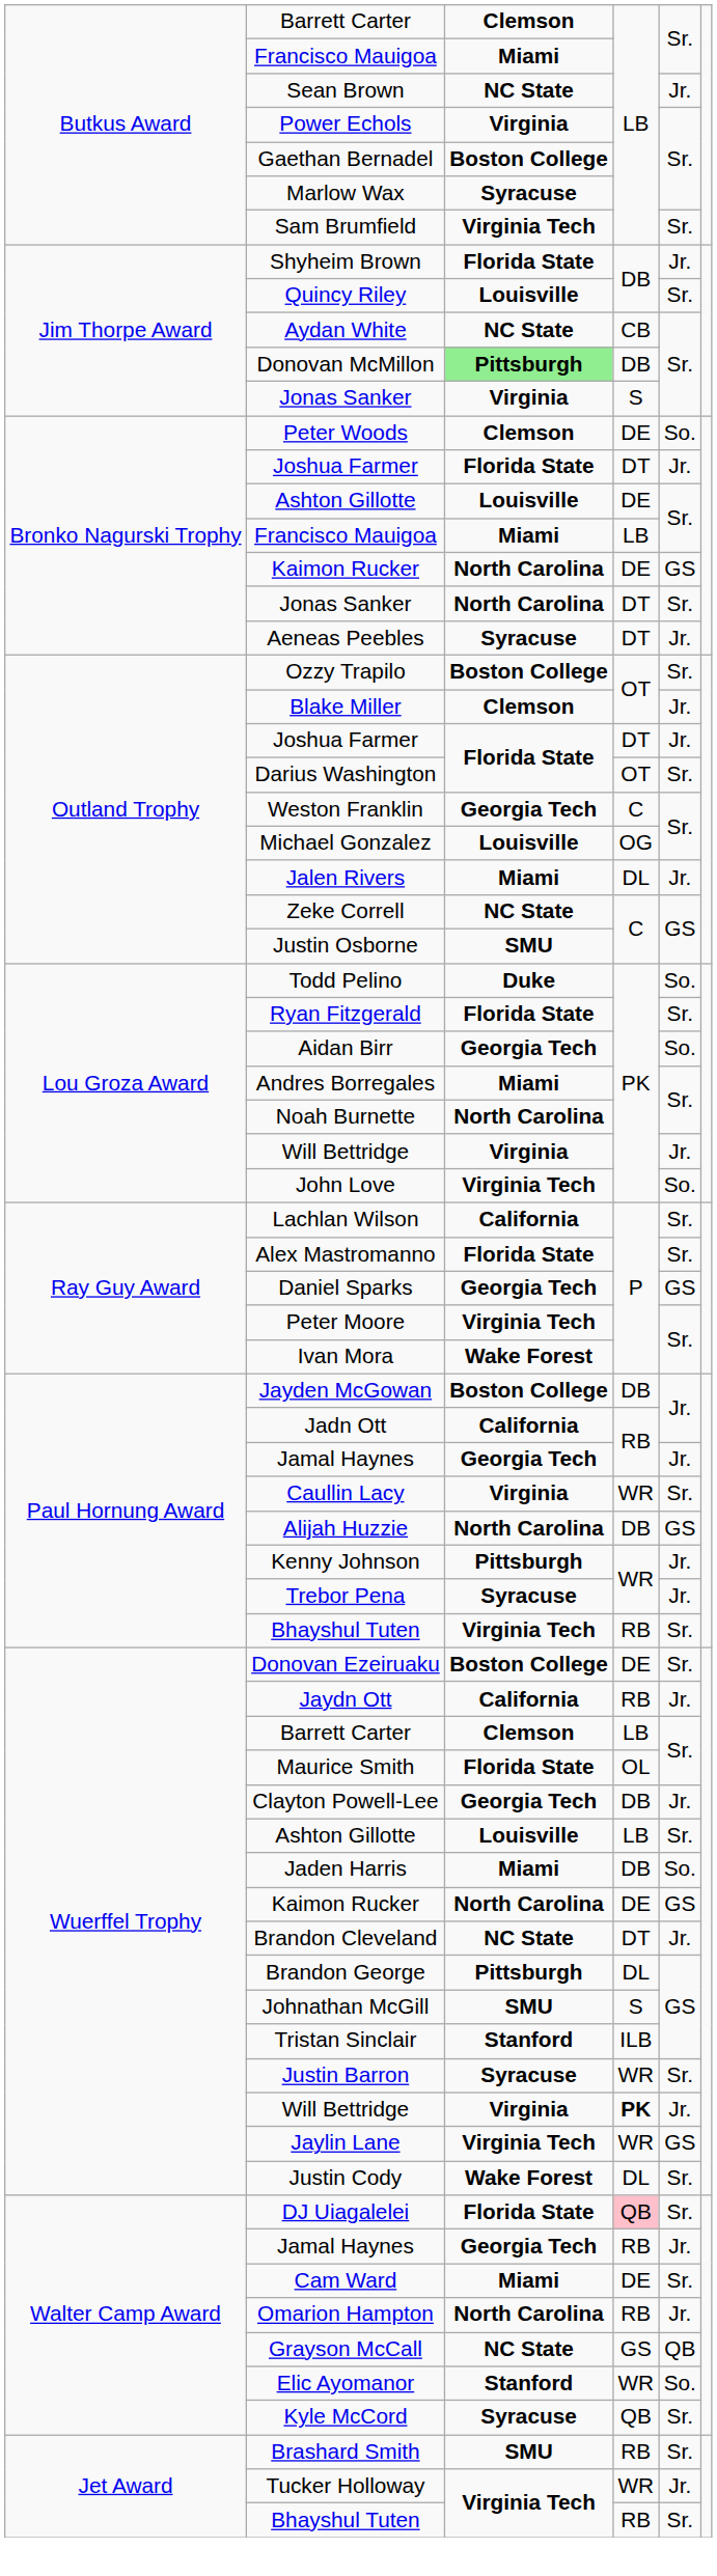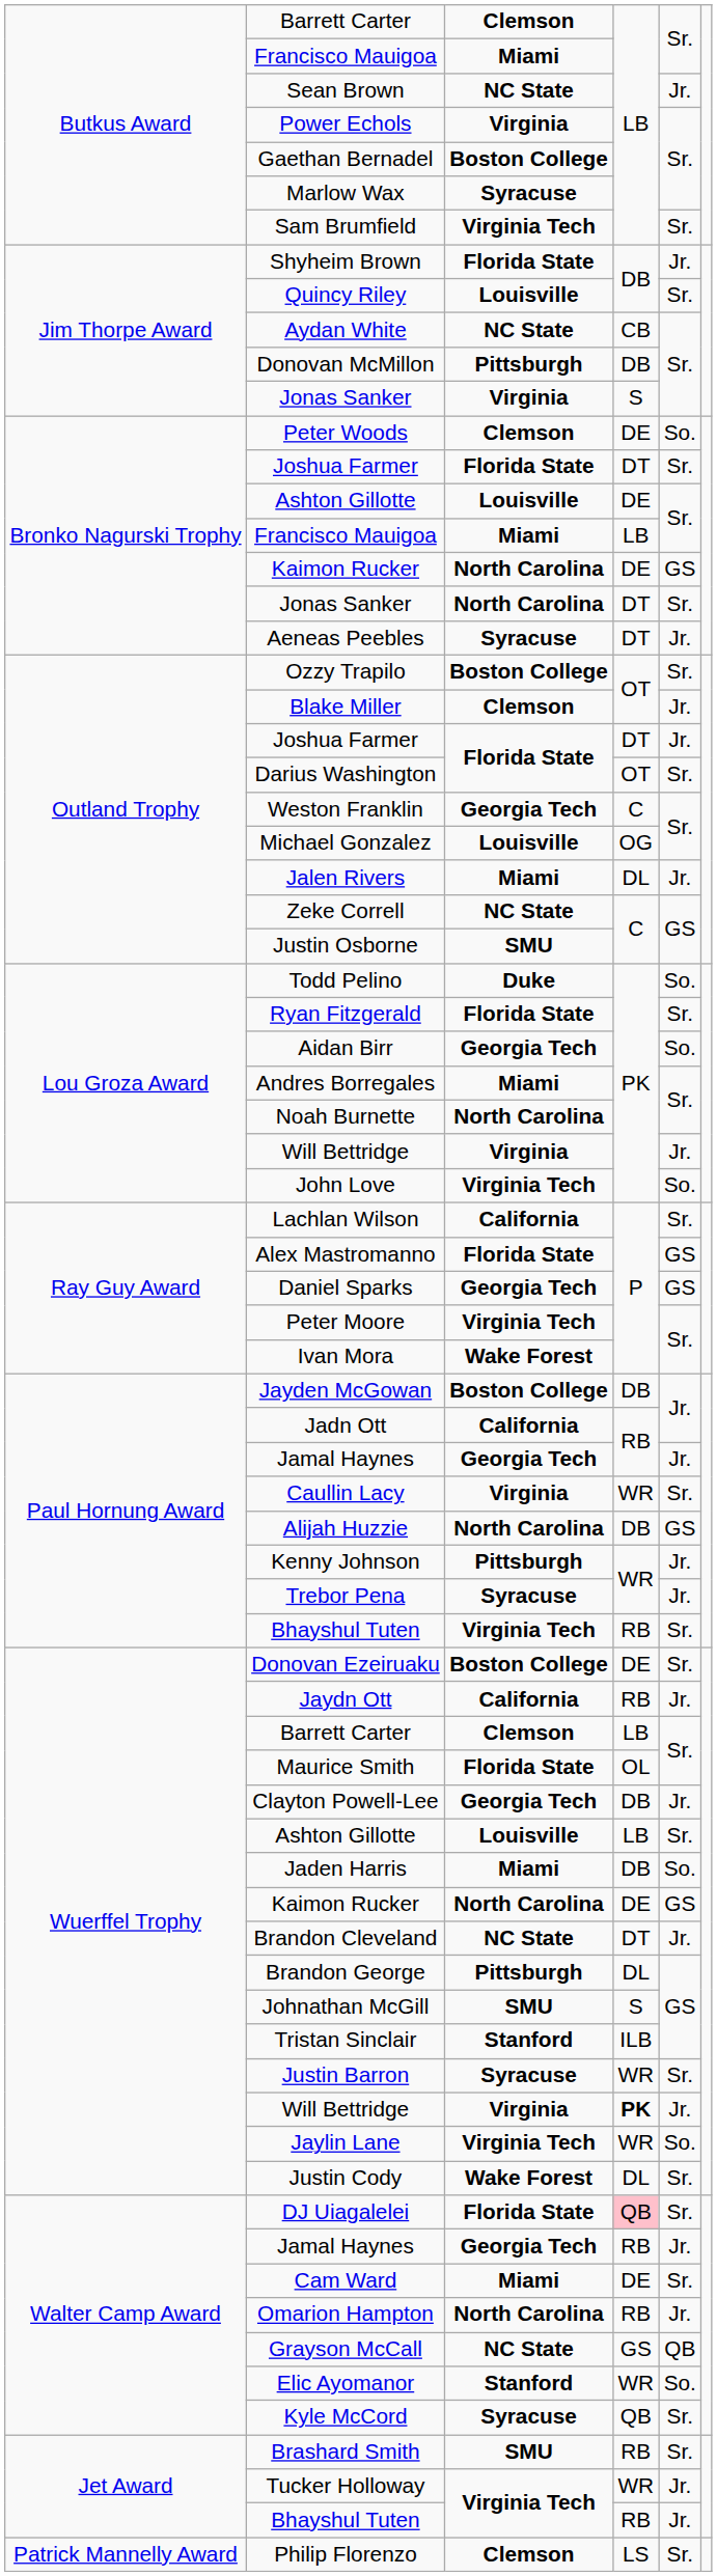 <table class="wikitable" style="text-align:center;">
 <tr>
 <td rowspan=7><a href='#'>Butkus Award</a></td>
 <td>Barrett Carter</td>
 <td><strong>Clemson</strong></td>
 <td rowspan=7>LB</td>
 <td rowspan=2>Sr.</td>
 <td rowspan=7></td>
 </tr>
 <tr>
 <td><a href='#'>Francisco Mauigoa</a></td>
 <td><strong>Miami</strong></td>
 </tr>
 <tr>
 <td>Sean Brown</td>
 <td><strong>NC State</strong></td>
 <td>Jr.</td>
 </tr>
 <tr>
 <td><a href='#'>Power Echols</a></td>
 <td><strong>Virginia</strong></td>
 <td rowspan=3>Sr.</td>
 </tr>
 <tr>
 <td>Gaethan Bernadel</td>
 <td><strong>Boston College</strong></td>
 </tr>
 <tr>
 <td>Marlow Wax</td>
 <td><strong>Syracuse</strong></td>
 </tr>
 <tr>
 <td>Sam Brumfield</td>
 <td><strong>Virginia Tech</strong></td>
 <td> Sr.</td>
 </tr>
 <tr>
 <td rowspan=5><a href='#'>Jim Thorpe Award</a></td>
 <td>Shyheim Brown</td>
 <td><strong>Florida State</strong></td>
 <td rowspan=2>DB</td>
 <td> Jr.</td>
 <td rowspan=5></td>
 </tr>
 <tr>
 <td><a href='#'>Quincy Riley</a></td>
 <td><strong>Louisville</strong></td>
 <td> Sr.</td>
 </tr>
 <tr>
 <td><a href='#'>Aydan White</a></td>
 <td><strong>NC State</strong></td>
 <td>CB</td>
 <td rowspan=3>Sr.</td>
 </tr>
 <tr>
 <td>Donovan McMillon</td>
-<td style="background: lightgreen;"><strong>Pittsburgh</strong></td>
+<td><strong>Pittsburgh</strong></td>
 <td>DB</td>
 </tr>
 <tr>
 <td><a href='#'>Jonas Sanker</a></td>
 <td><strong>Virginia</strong></td>
 <td>S</td>
 </tr>
 <tr>
 <td rowspan=7><a href='#'>Bronko Nagurski Trophy</a></td>
 <td><a href='#'>Peter Woods</a></td>
 <td><strong>Clemson</strong></td>
 <td>DE</td>
 <td>So.</td>
 <td rowspan=7></td>
 </tr>
 <tr>
 <td><a href='#'>Joshua Farmer</a></td>
 <td><strong>Florida State</strong></td>
 <td>DT</td>
-<td> Jr.</td>
+<td>Sr.</td>
 </tr>
 <tr>
 <td><a href='#'>Ashton Gillotte</a></td>
 <td><strong>Louisville</strong></td>
 <td>DE</td>
 <td rowspan=2>Sr.</td>
 </tr>
 <tr>
 <td><a href='#'>Francisco Mauigoa</a></td>
 <td><strong>Miami</strong></td>
 <td>LB</td>
 </tr>
 <tr>
 <td><a href='#'>Kaimon Rucker</a></td>
 <td><strong>North Carolina</strong></td>
 <td>DE</td>
 <td>GS</td>
 </tr>
 <tr>
 <td>Jonas Sanker</td>
 <td><strong>North Carolina</strong></td>
 <td>DT</td>
 <td>Sr.</td>
 </tr>
 <tr>
 <td>Aeneas Peebles</td>
 <td><strong>Syracuse</strong></td>
 <td>DT</td>
 <td>Jr.</td>
 </tr>
 <tr>
 <td rowspan=9><a href='#'>Outland Trophy</a></td>
 <td>Ozzy Trapilo</td>
 <td><strong>Boston College</strong></td>
 <td rowspan=2>OT</td>
 <td> Sr.</td>
 <td rowspan=9></td>
 </tr>
 <tr>
 <td><a href='#'>Blake Miller</a></td>
 <td><strong>Clemson</strong></td>
 <td>Jr.</td>
 </tr>
 <tr>
 <td>Joshua Farmer</td>
 <td rowspan=2><strong>Florida State</strong></td>
 <td>DT</td>
 <td> Jr.</td>
 </tr>
 <tr>
 <td>Darius Washington</td>
 <td>OT</td>
 <td> Sr.</td>
 </tr>
 <tr>
 <td>Weston Franklin</td>
 <td><strong>Georgia Tech</strong></td>
 <td>C</td>
 <td rowspan=2>Sr.</td>
 </tr>
 <tr>
 <td>Michael Gonzalez</td>
 <td><strong>Louisville</strong></td>
 <td>OG</td>
 </tr>
 <tr>
 <td><a href='#'>Jalen Rivers</a></td>
 <td><strong>Miami</strong></td>
 <td>DL</td>
 <td>Jr.</td>
 </tr>
 <tr>
 <td>Zeke Correll</td>
 <td><strong>NC State</strong></td>
 <td rowspan=2>C</td>
 <td rowspan=2>GS</td>
 </tr>
 <tr>
 <td>Justin Osborne</td>
 <td><strong>SMU</strong></td>
 </tr>
 <tr>
 <td rowspan=7><a href='#'>Lou Groza Award</a></td>
 <td>Todd Pelino</td>
 <td><strong>Duke</strong></td>
 <td rowspan=7>PK</td>
 <td>So.</td>
 <td rowspan=7></td>
 </tr>
 <tr>
 <td><a href='#'>Ryan Fitzgerald</a></td>
 <td><strong>Florida State</strong></td>
 <td>Sr.</td>
 </tr>
 <tr>
 <td>Aidan Birr</td>
 <td><strong>Georgia Tech</strong></td>
 <td>So.</td>
 </tr>
 <tr>
 <td>Andres Borregales</td>
 <td><strong>Miami</strong></td>
 <td rowspan=2>Sr.</td>
 </tr>
 <tr>
 <td>Noah Burnette</td>
 <td><strong>North Carolina</strong></td>
 </tr>
 <tr>
 <td>Will Bettridge</td>
 <td><strong>Virginia</strong></td>
 <td>Jr.</td>
 </tr>
 <tr>
 <td>John Love</td>
 <td><strong>Virginia Tech</strong></td>
 <td>So.</td>
 </tr>
 <tr>
 <td rowspan=5><a href='#'>Ray Guy Award</a></td>
 <td>Lachlan Wilson</td>
 <td><strong>California</strong></td>
 <td rowspan=5>P</td>
 <td>Sr.</td>
 <td rowspan=5></td>
 </tr>
 <tr>
 <td>Alex Mastromanno</td>
 <td><strong>Florida State</strong></td>
-<td> Sr.</td>
+<td>GS</td>
 </tr>
 <tr>
 <td>Daniel Sparks</td>
 <td><strong>Georgia Tech</strong></td>
 <td>GS</td>
 </tr>
 <tr>
 <td>Peter Moore</td>
 <td><strong>Virginia Tech</strong></td>
 <td rowspan=2> Sr.</td>
 </tr>
 <tr>
 <td>Ivan Mora</td>
 <td><strong>Wake Forest</strong></td>
 </tr>
 <tr>
 <td rowspan=8><a href='#'>Paul Hornung Award</a></td>
 <td><a href='#'>Jayden McGowan</a></td>
 <td><strong>Boston College</strong></td>
 <td>DB</td>
 <td rowspan=2>Jr.</td>
 <td rowspan=8></td>
 </tr>
 <tr>
 <td>Jadn Ott</td>
 <td><strong>California</strong></td>
 <td rowspan=2>RB</td>
 </tr>
 <tr>
 <td>Jamal Haynes</td>
 <td><strong>Georgia Tech</strong></td>
 <td> Jr.</td>
 </tr>
 <tr>
 <td><a href='#'>Caullin Lacy</a></td>
 <td><strong>Virginia</strong></td>
 <td>WR</td>
 <td>Sr.</td>
 </tr>
 <tr>
 <td><a href='#'>Alijah Huzzie</a></td>
 <td><strong>North Carolina</strong></td>
 <td>DB</td>
 <td>GS</td>
 </tr>
 <tr>
 <td>Kenny Johnson</td>
 <td><strong>Pittsburgh</strong></td>
 <td rowspan=2>WR</td>
 <td>Jr.</td>
 </tr>
 <tr>
 <td><a href='#'>Trebor Pena</a></td>
 <td><strong>Syracuse</strong></td>
 <td> Jr.</td>
 </tr>
 <tr>
 <td><a href='#'>Bhayshul Tuten</a></td>
 <td><strong>Virginia Tech</strong></td>
 <td>RB</td>
 <td>Sr.</td>
 </tr>
 <tr>
 <td rowspan=16><a href='#'>Wuerffel Trophy</a></td>
 <td><a href='#'>Donovan Ezeiruaku</a></td>
 <td><strong>Boston College</strong></td>
 <td>DE</td>
 <td>Sr.</td>
 <td rowspan=16></td>
 </tr>
 <tr>
 <td><a href='#'>Jaydn Ott</a></td>
 <td><strong>California</strong></td>
 <td>RB</td>
 <td>Jr.</td>
 </tr>
 <tr>
 <td>Barrett Carter</td>
 <td><strong>Clemson</strong></td>
 <td>LB</td>
 <td rowspan=2>Sr.</td>
 </tr>
 <tr>
 <td>Maurice Smith</td>
 <td><strong>Florida State</strong></td>
 <td>OL</td>
 </tr>
 <tr>
 <td>Clayton Powell-Lee</td>
 <td><strong>Georgia Tech</strong></td>
 <td>DB</td>
 <td>Jr.</td>
 </tr>
 <tr>
 <td>Ashton Gillotte</td>
 <td><strong>Louisville</strong></td>
 <td>LB</td>
 <td>Sr.</td>
 </tr>
 <tr>
 <td>Jaden Harris</td>
 <td><strong>Miami</strong></td>
 <td>DB</td>
 <td>So.</td>
 </tr>
 <tr>
 <td>Kaimon Rucker</td>
 <td><strong>North Carolina</strong></td>
 <td>DE</td>
 <td>GS</td>
 </tr>
 <tr>
 <td>Brandon Cleveland</td>
 <td><strong>NC State</strong></td>
 <td>DT</td>
 <td>Jr.</td>
 </tr>
 <tr>
 <td>Brandon George</td>
 <td><strong>Pittsburgh</strong></td>
 <td>DL</td>
 <td rowspan=3>GS</td>
 </tr>
 <tr>
 <td>Johnathan McGill</td>
 <td><strong>SMU</strong></td>
 <td>S</td>
 </tr>
 <tr>
 <td>Tristan Sinclair</td>
 <td><strong>Stanford</strong></td>
 <td>ILB</td>
 </tr>
 <tr>
 <td><a href='#'>Justin Barron</a></td>
 <td><strong>Syracuse</strong></td>
 <td>WR</td>
 <td>Sr.</td>
 </tr>
 <tr>
 <td>Will Bettridge</td>
 <td><strong>Virginia</strong></td>
 <td><strong>PK</strong></td>
 <td>Jr.</td>
 </tr>
 <tr>
 <td><a href='#'>Jaylin Lane</a></td>
 <td><strong>Virginia Tech</strong></td>
 <td>WR</td>
-<td>GS</td>
+<td>So.</td>
 </tr>
 <tr>
 <td>Justin Cody</td>
 <td><strong>Wake Forest</strong></td>
 <td>DL</td>
 <td>Sr.</td>
 </tr>
 <tr>
 <td rowspan=7><a href='#'>Walter Camp Award</a></td>
 <td><a href='#'>DJ Uiagalelei</a></td>
 <td><strong>Florida State</strong></td>
 <td style="background: pink;">QB</td>
 <td> Sr.</td>
 <td rowspan=7></td>
 </tr>
 <tr>
 <td>Jamal Haynes</td>
 <td><strong>Georgia Tech</strong></td>
 <td>RB</td>
 <td> Jr.</td>
 </tr>
 <tr>
 <td><a href='#'>Cam Ward</a></td>
 <td><strong>Miami</strong></td>
 <td>DE</td>
 <td>Sr.</td>
 </tr>
 <tr>
 <td><a href='#'>Omarion Hampton</a></td>
 <td><strong>North Carolina</strong></td>
 <td>RB</td>
 <td>Jr.</td>
 </tr>
 <tr>
 <td><a href='#'>Grayson McCall</a></td>
 <td><strong>NC State</strong></td>
 <td>GS</td>
 <td>QB</td>
 </tr>
 <tr>
 <td><a href='#'>Elic Ayomanor</a></td>
 <td><strong>Stanford</strong></td>
 <td>WR</td>
 <td> So.</td>
 </tr>
 <tr>
 <td><a href='#'>Kyle McCord</a></td>
 <td><strong>Syracuse</strong></td>
 <td>QB</td>
 <td>Sr.</td>
 </tr>
 <tr>
 <td rowspan=3><a href='#'>Jet Award</a></td>
 <td><a href='#'>Brashard Smith</a></td>
 <td><strong>SMU</strong></td>
 <td>RB</td>
 <td>Sr.</td>
 <td rowspan=3></td>
 </tr>
 <tr>
 <td>Tucker Holloway</td>
 <td rowspan=2><strong>Virginia Tech</strong></td>
 <td>WR</td>
 <td>Jr.</td>
 </tr>
 <tr>
 <td><a href='#'>Bhayshul Tuten</a></td>
 <td>RB</td>
+<td> Jr.</td>
+</tr>
+<tr>
+<td><a href='#'>Patrick Mannelly Award</a></td>
+<td>Philip Florenzo</td>
+<td><strong>Clemson</strong></td>
+<td>LS</td>
 <td>Sr.</td>
+<td></td>
 </tr>
 </table>
